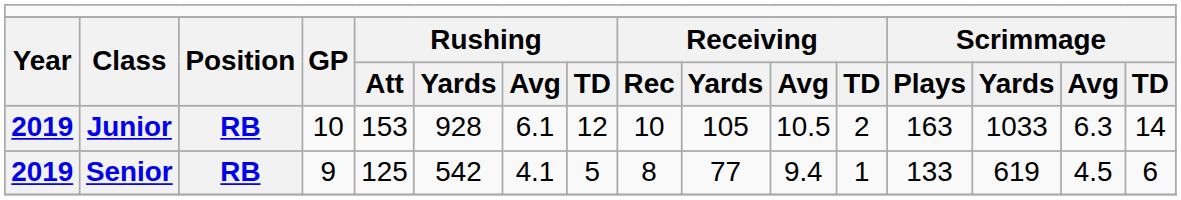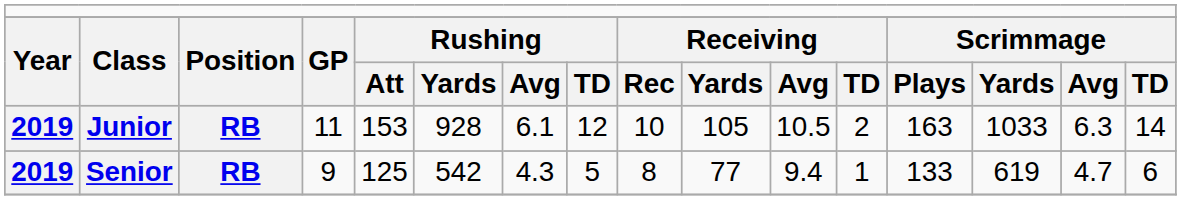 <table class="wikitable" style="text-align:center;">
 <tr>
 <td ! colspan="18"></td>
 </tr>
 <tr align="center">
 </tr>
 <tr>
 <th rowspan="2">Year</th>
 <th rowspan="2">Class</th>
 <th rowspan="2">Position</th>
 <th rowspan="2">GP</th>
 <th colspan="4">Rushing</th>
 <th colspan="4">Receiving</th>
 <th colspan="4">Scrimmage</th>
 </tr>
 <tr>
 <th>Att</th>
 <th>Yards</th>
 <th>Avg</th>
 <th>TD</th>
 <th>Rec</th>
 <th>Yards</th>
 <th>Avg</th>
 <th>TD</th>
 <th>Plays</th>
 <th>Yards</th>
 <th>Avg</th>
 <th>TD</th>
 </tr>
 <tr>
 <th><a href='#'>2019</a></th>
 <th><a href='#'>Junior</a></th>
 <th><a href='#'>RB</a></th>
-<td>10</td>
+<td>11</td>
 <td>153</td>
 <td>928</td>
 <td>6.1</td>
 <td>12</td>
 <td>10</td>
 <td>105</td>
 <td>10.5</td>
 <td>2</td>
 <td>163</td>
 <td>1033</td>
 <td>6.3</td>
 <td>14</td>
 </tr>
 <tr>
 <th><a href='#'>2019</a></th>
 <th><a href='#'>Senior</a></th>
 <th><a href='#'>RB</a></th>
 <td>9</td>
 <td>125</td>
 <td>542</td>
-<td>4.1</td>
+<td>4.3</td>
 <td>5</td>
 <td>8</td>
 <td>77</td>
 <td>9.4</td>
 <td>1</td>
 <td>133</td>
 <td>619</td>
-<td>4.5</td>
+<td>4.7</td>
 <td>6</td>
 </tr>
 <tr>
 </tr>
 </table>
